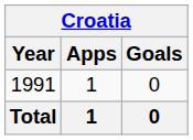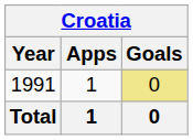 <table class="wikitable" style="text-align:center">
 <tr>
 <th colspan=3><a href='#'>Croatia</a></th>
 </tr>
 <tr>
 <th>Year</th>
 <th>Apps</th>
 <th>Goals</th>
 </tr>
 <tr>
 <td>1991</td>
 <td>1</td>
-<td>0</td>
+<td style="background: khaki;">0</td>
 </tr>
 <tr>
 <th>Total</th>
 <th>1</th>
 <th>0</th>
 </tr>
 </table>
